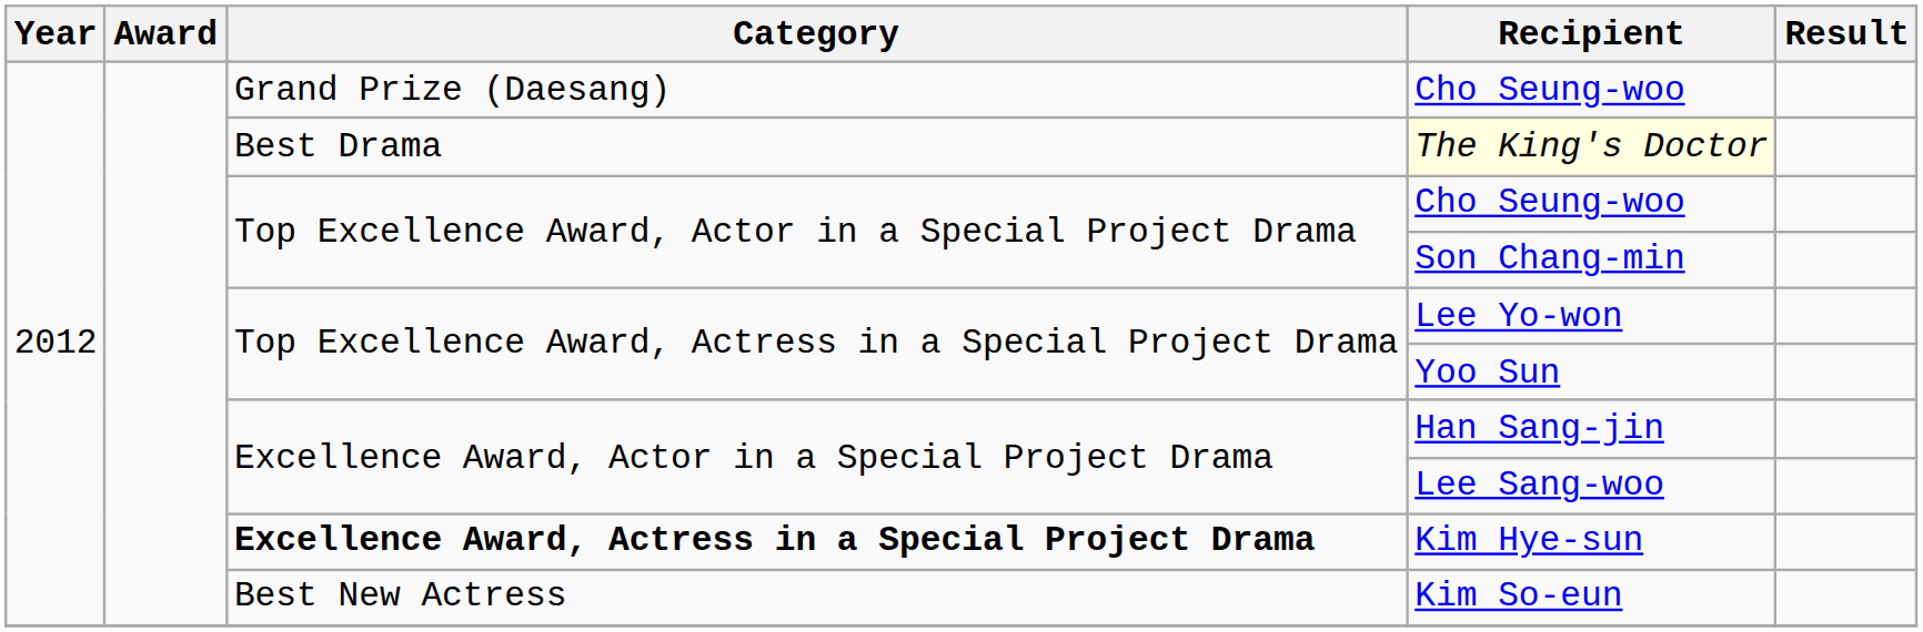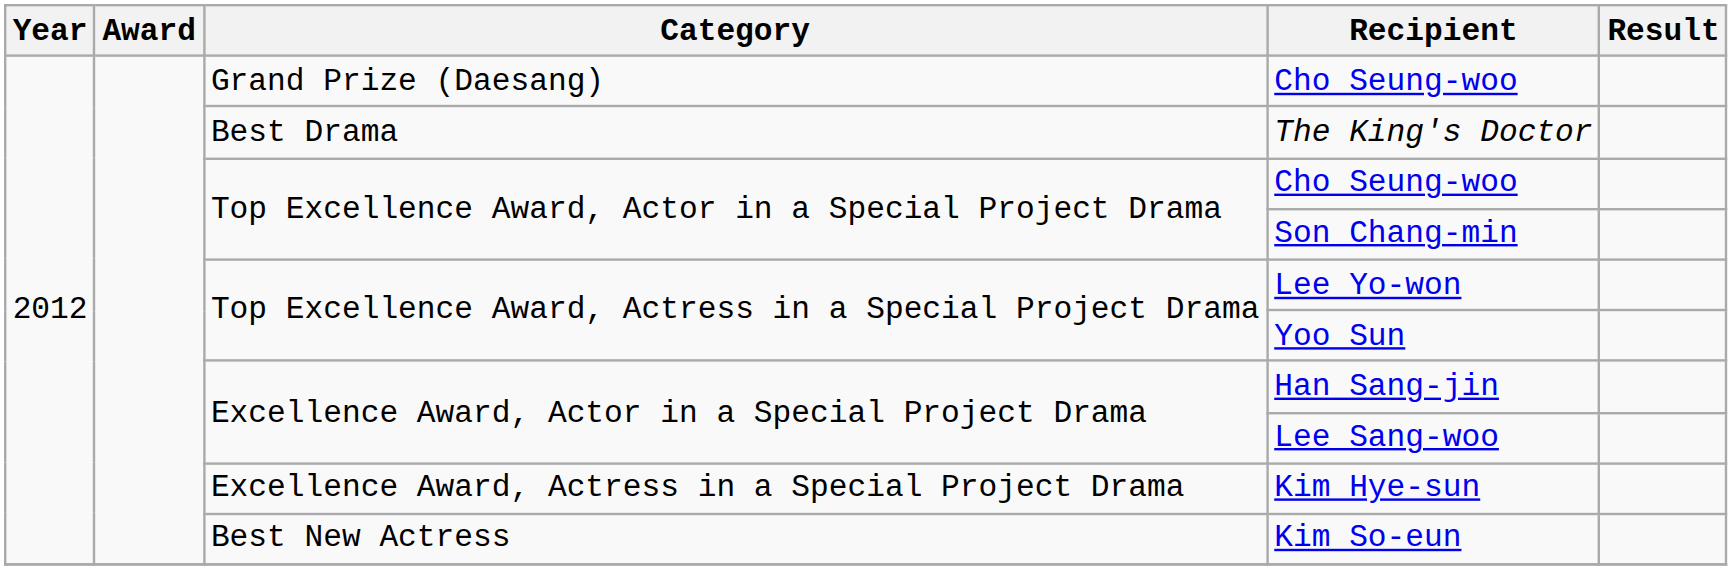 <table class="wikitable">
 <tr>
 <th>Year</th>
 <th>Award</th>
 <th>Category</th>
 <th>Recipient</th>
 <th>Result</th>
 </tr>
 <tr>
 <td rowspan=10>2012</td>
 <td rowspan=10></td>
 <td>Grand Prize (Daesang)</td>
 <td><a href='#'>Cho Seung-woo</a></td>
 <td></td>
 </tr>
 <tr>
 <td>Best Drama</td>
-<td style="background: lightyellow;"><em>The King's Doctor</em></td>
+<td><em>The King's Doctor</em></td>
 <td></td>
 </tr>
 <tr>
 <td rowspan=2>Top Excellence Award, Actor in a Special Project Drama</td>
 <td><a href='#'>Cho Seung-woo</a></td>
 <td></td>
 </tr>
 <tr>
 <td><a href='#'>Son Chang-min</a></td>
 <td></td>
 </tr>
 <tr>
 <td rowspan=2>Top Excellence Award, Actress in a Special Project Drama</td>
 <td><a href='#'>Lee Yo-won</a></td>
 <td></td>
 </tr>
 <tr>
 <td><a href='#'>Yoo Sun</a></td>
 <td></td>
 </tr>
 <tr>
 <td rowspan=2>Excellence Award, Actor in a Special Project Drama</td>
 <td><a href='#'>Han Sang-jin</a></td>
 <td></td>
 </tr>
 <tr>
 <td><a href='#'>Lee Sang-woo</a></td>
 <td></td>
 </tr>
 <tr>
-<td><strong>Excellence Award, Actress in a Special Project Drama</strong></td>
+<td>Excellence Award, Actress in a Special Project Drama</td>
 <td><a href='#'>Kim Hye-sun</a></td>
 <td></td>
 </tr>
 <tr>
 <td>Best New Actress</td>
 <td><a href='#'>Kim So-eun</a></td>
 <td></td>
 </tr>
 <tr>
 </tr>
 </table>
